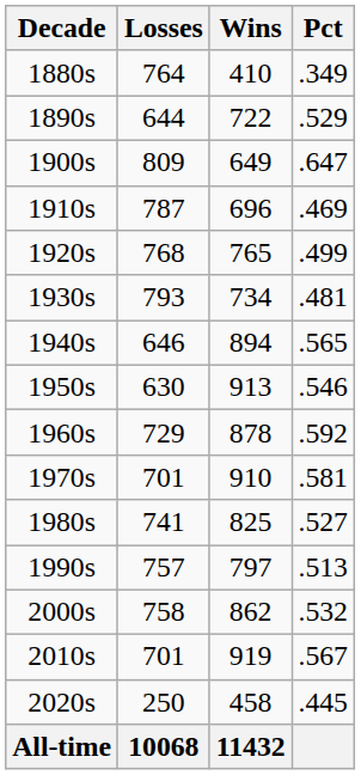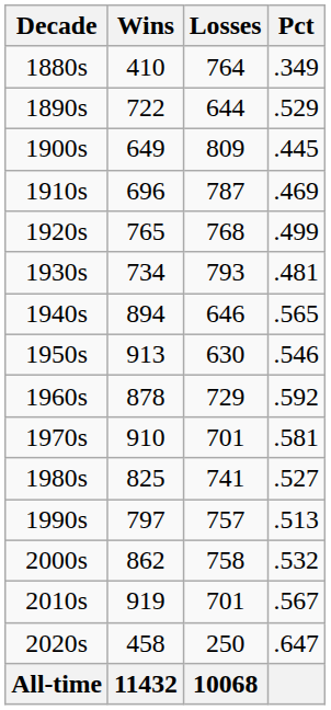 <table class="wikitable" style="text-align:center">
 <tr>
 <th style="text-align:center; ">Decade</th>
+<th style="text-align:center; ">Wins</th>
 <th style="text-align:center; ">Losses</th>
-<th style="text-align:center; ">Wins</th>
 <th style="text-align:center; ">Pct</th>
 </tr>
 <tr>
 <td>1880s</td>
+<td>410</td>
 <td>764</td>
-<td>410</td>
 <td>.349</td>
 </tr>
 <tr>
 <td>1890s</td>
+<td>722</td>
 <td>644</td>
-<td>722</td>
 <td>.529</td>
 </tr>
 <tr>
 <td>1900s</td>
+<td>649</td>
 <td>809</td>
-<td>649</td>
-<td>.647</td>
+<td>.445</td>
 </tr>
 <tr>
 <td>1910s</td>
+<td>696</td>
 <td>787</td>
-<td>696</td>
 <td>.469</td>
 </tr>
 <tr>
 <td>1920s</td>
+<td>765</td>
 <td>768</td>
-<td>765</td>
 <td>.499</td>
 </tr>
 <tr>
 <td>1930s</td>
+<td>734</td>
 <td>793</td>
-<td>734</td>
 <td>.481</td>
 </tr>
 <tr>
 <td>1940s</td>
+<td>894</td>
 <td>646</td>
-<td>894</td>
 <td>.565</td>
 </tr>
 <tr>
 <td>1950s</td>
+<td>913</td>
 <td>630</td>
-<td>913</td>
 <td>.546</td>
 </tr>
 <tr>
 <td>1960s</td>
+<td>878</td>
 <td>729</td>
-<td>878</td>
 <td>.592</td>
 </tr>
 <tr>
 <td>1970s</td>
+<td>910</td>
 <td>701</td>
-<td>910</td>
 <td>.581</td>
 </tr>
 <tr>
 <td>1980s</td>
+<td>825</td>
 <td>741</td>
-<td>825</td>
 <td>.527</td>
 </tr>
 <tr>
 <td>1990s</td>
+<td>797</td>
 <td>757</td>
-<td>797</td>
 <td>.513</td>
 </tr>
 <tr>
 <td>2000s</td>
+<td>862</td>
 <td>758</td>
-<td>862</td>
 <td>.532</td>
 </tr>
 <tr>
 <td>2010s</td>
+<td>919</td>
 <td>701</td>
-<td>919</td>
 <td>.567</td>
 </tr>
 <tr>
 <td>2020s</td>
+<td>458</td>
 <td>250</td>
-<td>458</td>
-<td>.445</td>
+<td>.647</td>
 </tr>
 <tr style="background:#f0f0f0; font-weight:bold">
 <th style="text-align:center; ">All-time</th>
+<th style="text-align:center; ">11432</th>
 <th style="text-align:center; ">10068</th>
-<th style="text-align:center; ">11432</th>
 <th style="text-align:center; "></th>
 </tr>
 </table>
